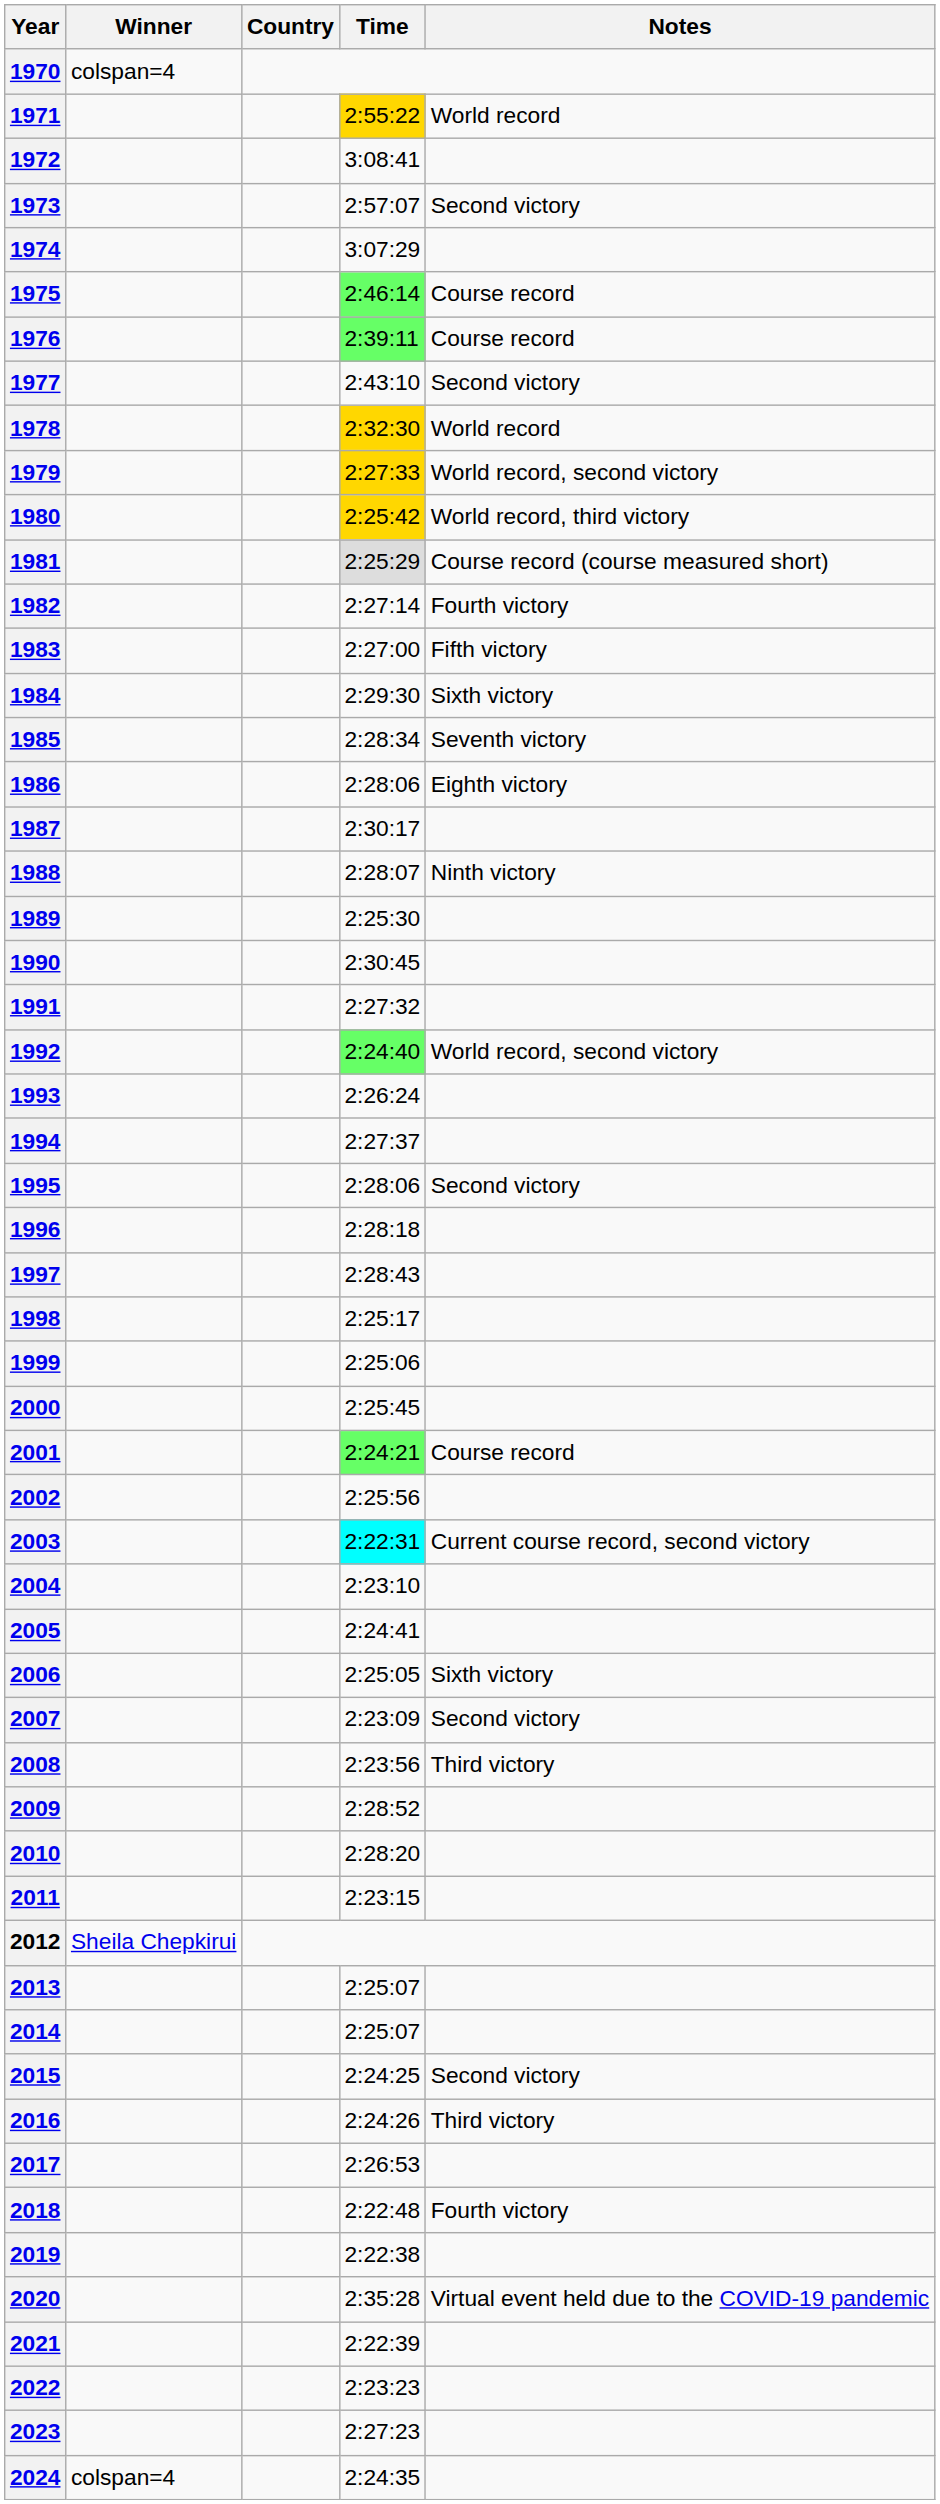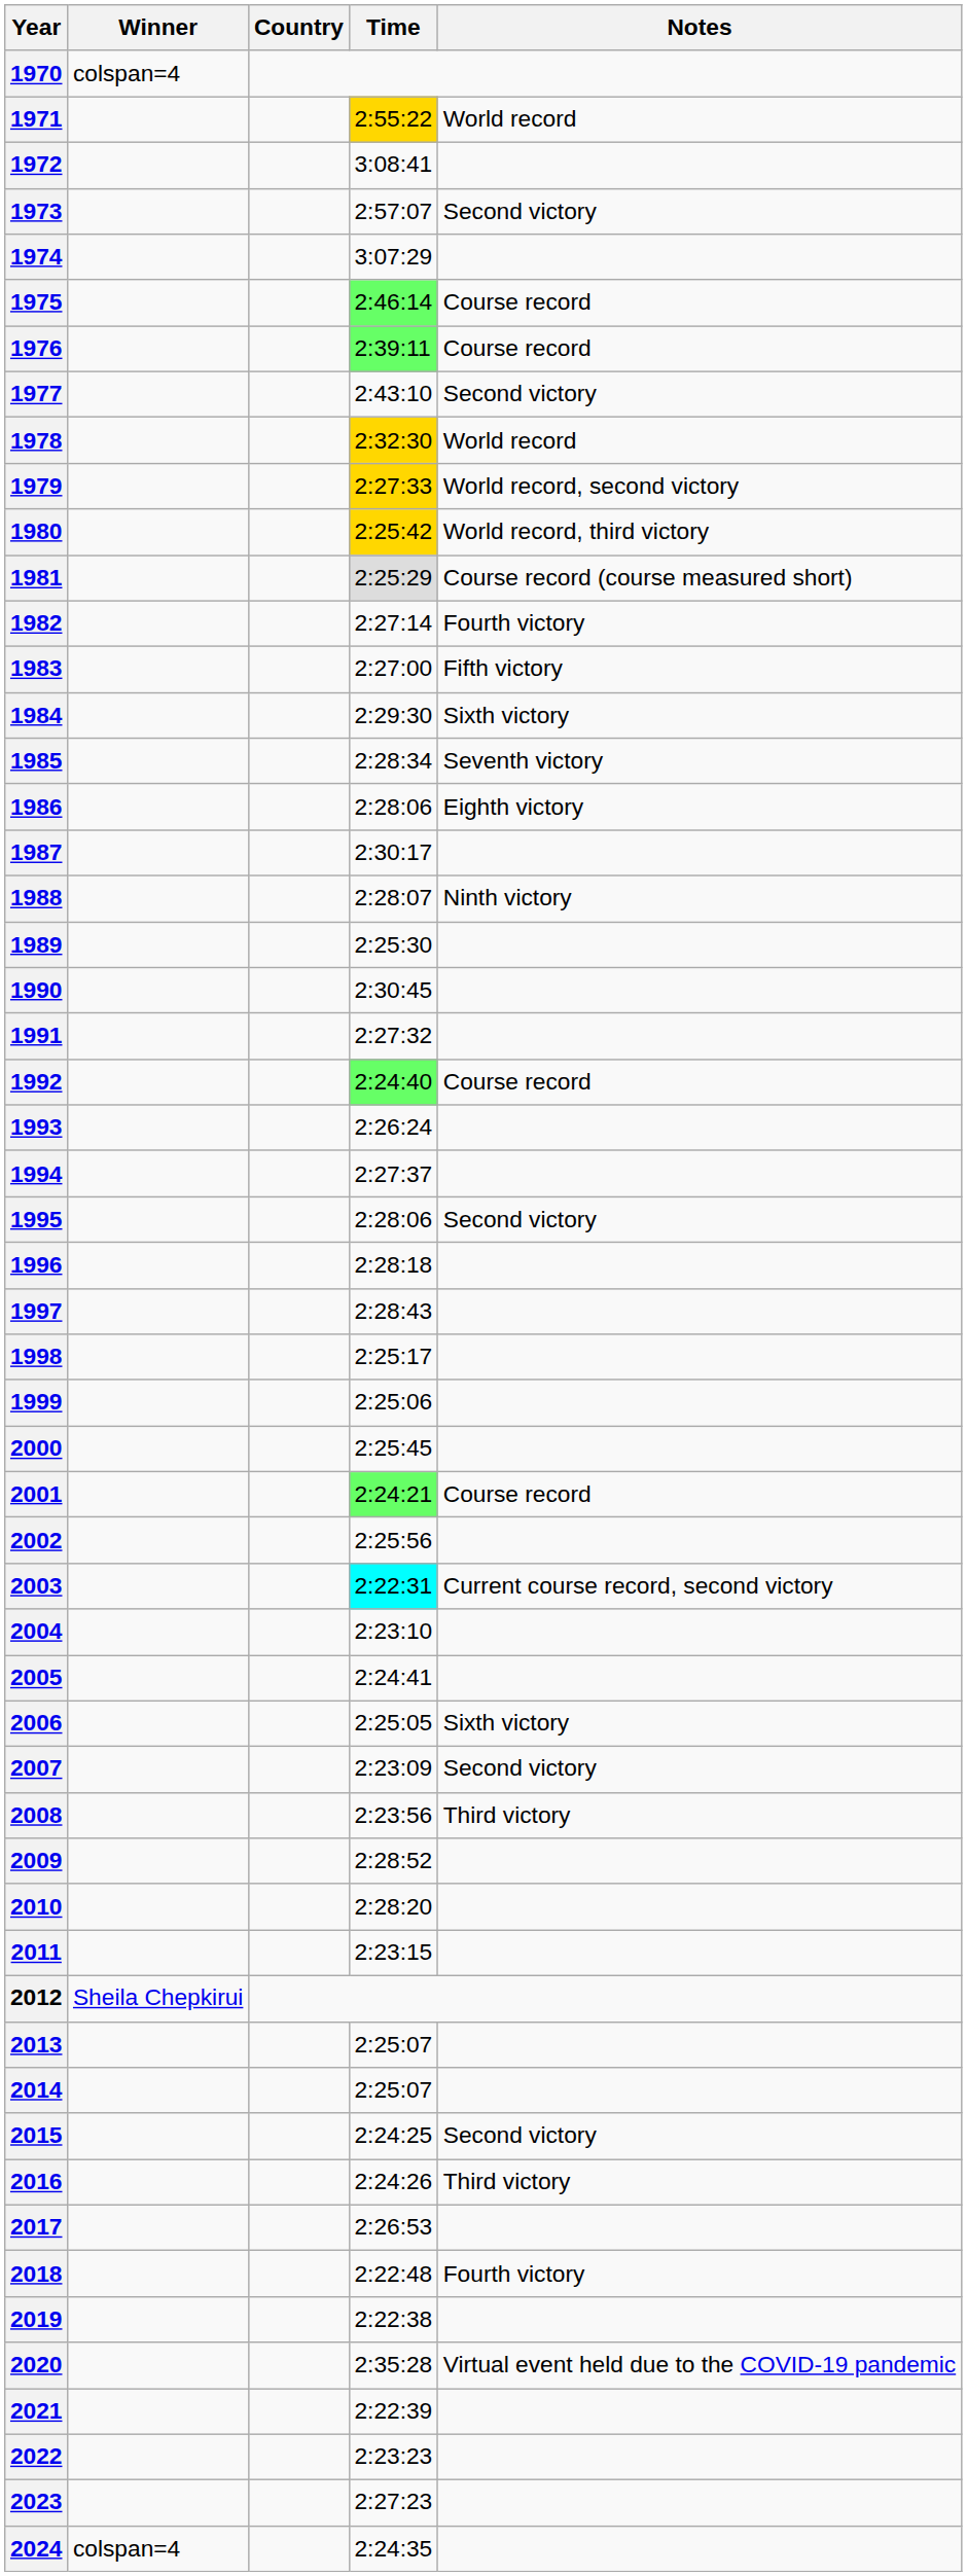 <table class="wikitable sortable" style="font-size:1.00em; line-height:1.5em;">
 <tr>
 <th scope="col">Year</th>
 <th scope="col">Winner</th>
 <th scope="col">Country</th>
 <th scope="col" data-sort-type="time">Time</th>
 <th scope="col" class="unsortable">Notes</th>
 </tr>
 <tr>
 <th scope="row"><a href='#'>1970</a></th>
 <td>colspan=4 </td>
 </tr>
 <tr>
 <th scope="row"><a href='#'>1971</a></th>
 <td></td>
 <td></td>
 <td style="background-color:#ffd700">2:55:22</td>
 <td>World record</td>
 </tr>
 <tr>
 <th scope="row"><a href='#'>1972</a></th>
 <td></td>
 <td></td>
 <td>3:08:41</td>
 <td></td>
 </tr>
 <tr>
 <th scope="row"><a href='#'>1973</a></th>
 <td></td>
 <td></td>
 <td>2:57:07</td>
 <td>Second victory</td>
 </tr>
 <tr>
 <th scope="row"><a href='#'>1974</a></th>
 <td></td>
 <td></td>
 <td>3:07:29</td>
 <td></td>
 </tr>
 <tr>
 <th scope="row"><a href='#'>1975</a></th>
 <td></td>
 <td></td>
 <td style="background-color:#66ff66">2:46:14</td>
 <td>Course record</td>
 </tr>
 <tr>
 <th scope="row"><a href='#'>1976</a></th>
 <td></td>
 <td></td>
 <td style="background-color:#66ff66">2:39:11</td>
 <td>Course record</td>
 </tr>
 <tr>
 <th scope="row"><a href='#'>1977</a></th>
 <td></td>
 <td></td>
 <td>2:43:10</td>
 <td>Second victory</td>
 </tr>
 <tr>
 <th scope="row"><a href='#'>1978</a></th>
 <td></td>
 <td></td>
 <td style="background-color:#ffd700">2:32:30</td>
 <td>World record</td>
 </tr>
 <tr>
 <th scope="row"><a href='#'>1979</a></th>
 <td></td>
 <td></td>
 <td style="background-color:#ffd700">2:27:33</td>
 <td>World record, second victory</td>
 </tr>
 <tr>
 <th scope="row"><a href='#'>1980</a></th>
 <td></td>
 <td></td>
 <td style="background-color:#ffd700">2:25:42</td>
 <td>World record, third victory</td>
 </tr>
 <tr>
 <th scope="row"><a href='#'>1981</a></th>
 <td></td>
 <td></td>
 <td style="background-color:#dddddd">2:25:29</td>
 <td>Course record (course measured short)</td>
 </tr>
 <tr>
 <th scope="row"><a href='#'>1982</a></th>
 <td></td>
 <td></td>
 <td>2:27:14</td>
 <td>Fourth victory</td>
 </tr>
 <tr>
 <th scope="row"><a href='#'>1983</a></th>
 <td></td>
 <td></td>
 <td>2:27:00</td>
 <td>Fifth victory</td>
 </tr>
 <tr>
 <th scope="row"><a href='#'>1984</a></th>
 <td></td>
 <td></td>
 <td>2:29:30</td>
 <td>Sixth victory</td>
 </tr>
 <tr>
 <th scope="row"><a href='#'>1985</a></th>
 <td></td>
 <td></td>
 <td>2:28:34</td>
 <td>Seventh victory</td>
 </tr>
 <tr>
 <th scope="row"><a href='#'>1986</a></th>
 <td></td>
 <td></td>
 <td>2:28:06</td>
 <td>Eighth victory</td>
 </tr>
 <tr>
 <th scope="row"><a href='#'>1987</a></th>
 <td></td>
 <td></td>
 <td>2:30:17</td>
 <td></td>
 </tr>
 <tr>
 <th scope="row"><a href='#'>1988</a></th>
 <td></td>
 <td></td>
 <td>2:28:07</td>
 <td>Ninth victory</td>
 </tr>
 <tr>
 <th scope="row"><a href='#'>1989</a></th>
 <td></td>
 <td></td>
 <td>2:25:30</td>
 <td></td>
 </tr>
 <tr>
 <th scope="row"><a href='#'>1990</a></th>
 <td></td>
 <td></td>
 <td>2:30:45</td>
 <td></td>
 </tr>
 <tr>
 <th scope="row"><a href='#'>1991</a></th>
 <td></td>
 <td></td>
 <td>2:27:32</td>
 <td></td>
 </tr>
 <tr>
 <th scope="row"><a href='#'>1992</a></th>
 <td></td>
 <td></td>
 <td style="background-color:#66ff66">2:24:40</td>
-<td>World record, second victory</td>
+<td>Course record</td>
 </tr>
 <tr>
 <th scope="row"><a href='#'>1993</a></th>
 <td></td>
 <td></td>
 <td>2:26:24</td>
 <td></td>
 </tr>
 <tr>
 <th scope="row"><a href='#'>1994</a></th>
 <td></td>
 <td></td>
 <td>2:27:37</td>
 <td></td>
 </tr>
 <tr>
 <th scope="row"><a href='#'>1995</a></th>
 <td></td>
 <td></td>
 <td>2:28:06</td>
 <td>Second victory</td>
 </tr>
 <tr>
 <th scope="row"><a href='#'>1996</a></th>
 <td></td>
 <td></td>
 <td>2:28:18</td>
 <td></td>
 </tr>
 <tr>
 <th scope="row"><a href='#'>1997</a></th>
 <td></td>
 <td></td>
 <td>2:28:43</td>
 <td></td>
 </tr>
 <tr>
 <th scope="row"><a href='#'>1998</a></th>
 <td></td>
 <td></td>
 <td>2:25:17</td>
 <td></td>
 </tr>
 <tr>
 <th scope="row"><a href='#'>1999</a></th>
 <td></td>
 <td></td>
 <td>2:25:06</td>
 <td></td>
 </tr>
 <tr>
 <th scope="row"><a href='#'>2000</a></th>
 <td></td>
 <td></td>
 <td>2:25:45</td>
 <td></td>
 </tr>
 <tr>
 <th scope="row"><a href='#'>2001</a></th>
 <td></td>
 <td></td>
 <td style="background-color:#66ff66">2:24:21</td>
 <td>Course record</td>
 </tr>
 <tr>
 <th scope="row"><a href='#'>2002</a></th>
 <td></td>
 <td></td>
 <td>2:25:56</td>
 <td></td>
 </tr>
 <tr>
 <th scope="row"><a href='#'>2003</a></th>
 <td></td>
 <td></td>
 <td style="background-color:#00ffff">2:22:31</td>
 <td>Current course record, second victory</td>
 </tr>
 <tr>
 <th scope="row"><a href='#'>2004</a></th>
 <td></td>
 <td></td>
 <td>2:23:10</td>
 <td></td>
 </tr>
 <tr>
 <th scope="row"><a href='#'>2005</a></th>
 <td></td>
 <td></td>
 <td>2:24:41</td>
 <td></td>
 </tr>
 <tr>
 <th scope="row"><a href='#'>2006</a></th>
 <td></td>
 <td></td>
 <td>2:25:05</td>
 <td>Sixth victory</td>
 </tr>
 <tr>
 <th scope="row"><a href='#'>2007</a></th>
 <td></td>
 <td></td>
 <td>2:23:09</td>
 <td>Second victory</td>
 </tr>
 <tr>
 <th scope="row"><a href='#'>2008</a></th>
 <td></td>
 <td></td>
 <td>2:23:56</td>
 <td>Third victory</td>
 </tr>
 <tr>
 <th scope="row"><a href='#'>2009</a></th>
 <td></td>
 <td></td>
 <td>2:28:52</td>
 <td></td>
 </tr>
 <tr>
 <th scope="row"><a href='#'>2010</a></th>
 <td></td>
 <td></td>
 <td>2:28:20</td>
 <td></td>
 </tr>
 <tr>
 <th scope="row"><a href='#'>2011</a></th>
 <td></td>
 <td></td>
 <td>2:23:15</td>
 <td></td>
 </tr>
 <tr>
 <th scope="row">2012</th>
 <td><a href='#'>Sheila Chepkirui</a></td>
 </tr>
 <tr>
 <th scope="row"><a href='#'>2013</a></th>
 <td></td>
 <td></td>
 <td>2:25:07</td>
 <td></td>
 </tr>
 <tr>
 <th scope="row"><a href='#'>2014</a></th>
 <td></td>
 <td></td>
 <td>2:25:07</td>
 <td></td>
 </tr>
 <tr>
 <th scope="row"><a href='#'>2015</a></th>
 <td></td>
 <td></td>
 <td>2:24:25</td>
 <td>Second victory</td>
 </tr>
 <tr>
 <th scope="row"><a href='#'>2016</a></th>
 <td></td>
 <td></td>
 <td>2:24:26</td>
 <td>Third victory</td>
 </tr>
 <tr>
 <th scope="row"><a href='#'>2017</a></th>
 <td></td>
 <td></td>
 <td>2:26:53</td>
 <td></td>
 </tr>
 <tr>
 <th scope="row"><a href='#'>2018</a></th>
 <td></td>
 <td></td>
 <td>2:22:48</td>
 <td>Fourth victory</td>
 </tr>
 <tr>
 <th scope="row"><a href='#'>2019</a></th>
 <td></td>
 <td></td>
 <td>2:22:38</td>
 <td></td>
 </tr>
 <tr>
 <th scope="row"><a href='#'>2020</a></th>
 <td></td>
 <td></td>
 <td>2:35:28</td>
 <td {{n/a>Virtual event held due to the <a href='#'>COVID-19 pandemic</a></td>
 </tr>
 <tr>
 <th scope="row"><a href='#'>2021</a></th>
 <td></td>
 <td></td>
 <td>2:22:39</td>
 <td></td>
 </tr>
 <tr>
 <th scope="row"><a href='#'>2022</a></th>
 <td></td>
 <td></td>
 <td>2:23:23</td>
 <td></td>
 </tr>
 <tr>
 <th scope="row"><a href='#'>2023</a></th>
 <td></td>
 <td></td>
 <td>2:27:23</td>
 <td></td>
 </tr>
 <tr>
 <th><a href='#'>2024</a></th>
 <td>colspan=4 </td>
 <td></td>
 <td>2:24:35</td>
 <td></td>
 </tr>
 </table>
